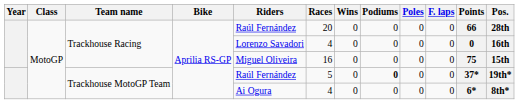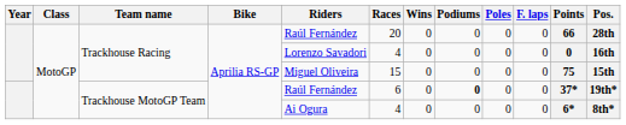 <table class="wikitable" style="text-align:right; font-size:95%;">
 <tr>
 <th>Year</th>
 <th>Class</th>
 <th>Team name</th>
 <th>Bike</th>
 <th>Riders</th>
 <th>Races</th>
 <th>Wins</th>
 <th>Podiums</th>
 <th><a href='#'>Poles</a></th>
 <th><a href='#'>F. laps</a></th>
 <th>Points</th>
 <th>Pos.</th>
 </tr>
 <tr>
 <th rowspan="3"></th>
 <td rowspan="5">MotoGP</td>
 <td style="text-align:left;" rowspan="3">Trackhouse Racing</td>
 <td style="text-align:left;" rowspan="5"><a href='#'>Aprilia RS-GP</a></td>
 <td style="text-align:left;"> <a href='#'>Raúl Fernández</a></td>
 <td>20</td>
 <td>0</td>
 <td>0</td>
 <td>0</td>
 <td>0</td>
 <th>66</th>
 <th>28th</th>
 </tr>
 <tr>
 <td style="text-align:left;"> <a href='#'>Lorenzo Savadori</a></td>
 <td>4</td>
 <td>0</td>
 <td>0</td>
 <td>0</td>
 <td>0</td>
 <th>0</th>
 <th>16th</th>
 </tr>
 <tr>
 <td style="text-align:left;"> <a href='#'>Miguel Oliveira</a></td>
-<td>16</td>
+<td>15</td>
 <td>0</td>
 <td>0</td>
 <td>0</td>
 <td>0</td>
 <th>75</th>
 <th>15th</th>
 </tr>
 <tr>
 <th rowspan="2"></th>
 <td style="text-align:left;" rowspan="2">Trackhouse MotoGP Team</td>
 <td style="text-align:left;"> <a href='#'>Raúl Fernández</a></td>
-<td>5</td>
+<td>6</td>
 <td>0</td>
 <td><strong>0</strong></td>
 <td>0</td>
 <td>0</td>
 <th>37*</th>
 <th>19th*</th>
 </tr>
 <tr>
 <td style="text-align:left;"> <a href='#'>Ai Ogura</a></td>
 <td>4</td>
 <td>0</td>
 <td>0</td>
 <td>0</td>
 <td>0</td>
 <th>6*</th>
 <th>8th*</th>
 </tr>
 </table>
